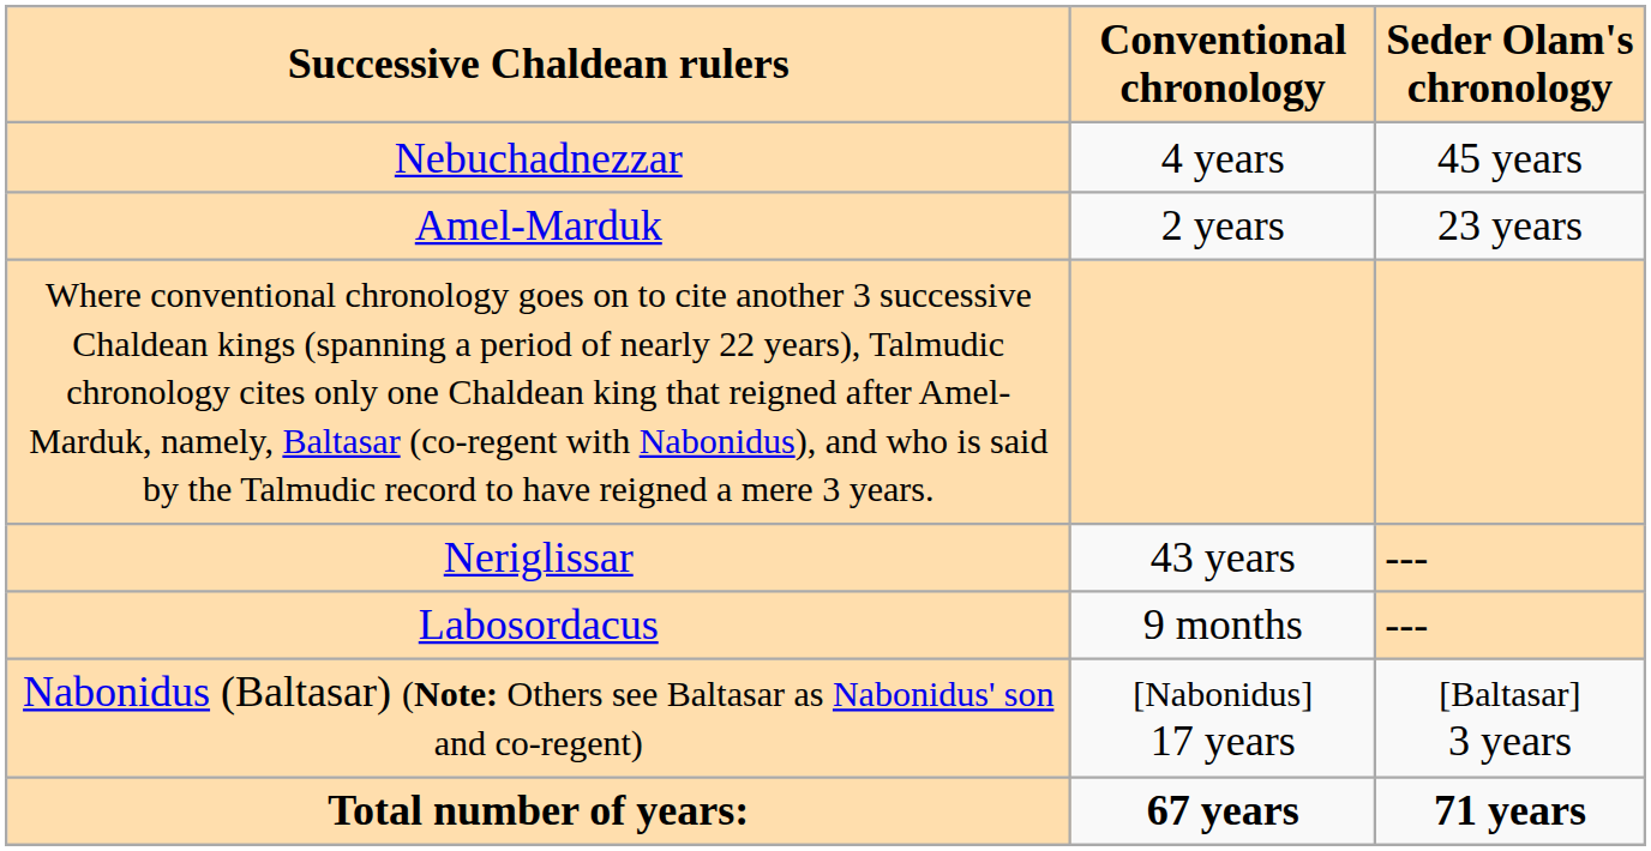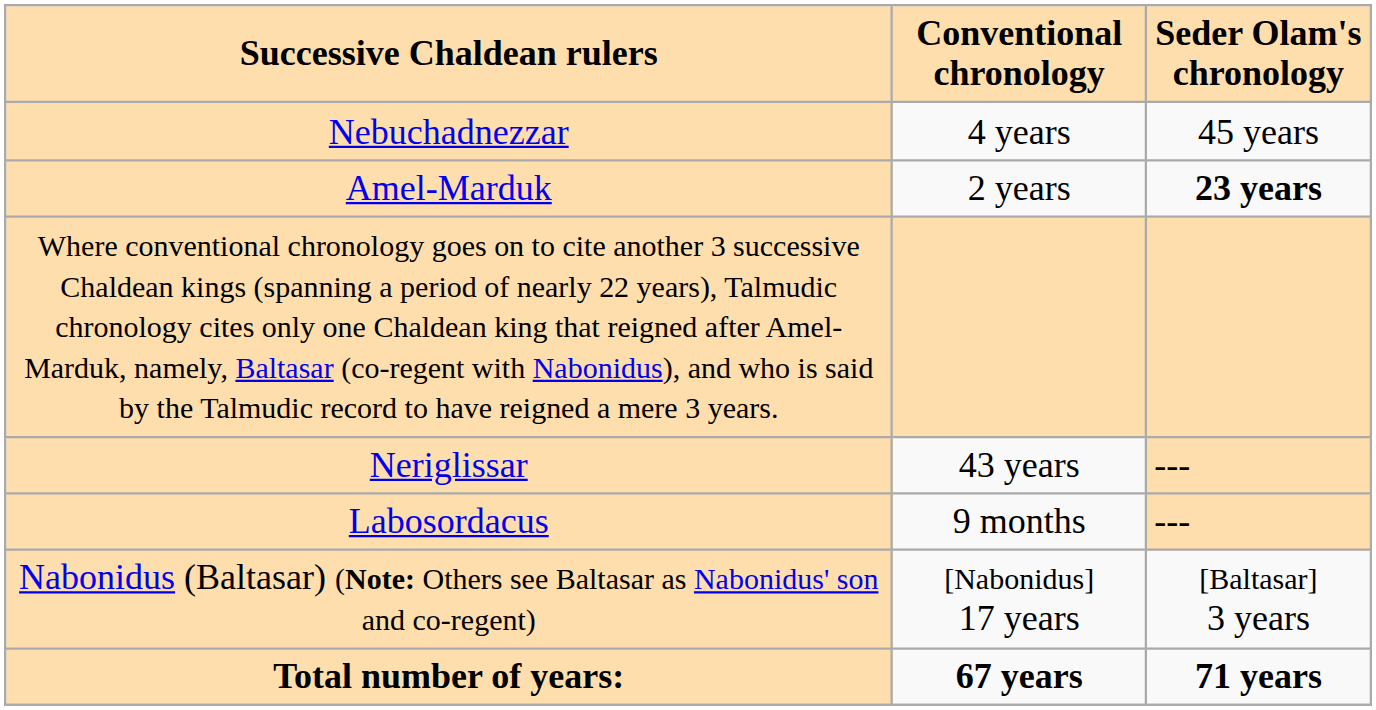 <table class="wikitable">
 <tr>
 <th style="background:Navajowhite; text-align:center;">Successive Chaldean rulers</th>
 <th style="background:Navajowhite;">Conventional chronology</th>
 <th style="background:Navajowhite;">Seder Olam's chronology</th>
 </tr>
 <tr>
 <td style="background:Navajowhite; text-align:center;"><a href='#'>Nebuchadnezzar</a></td>
 <td style=text-align:center;>4 years</td>
 <td style=text-align:center;>45 years</td>
 </tr>
 <tr>
 <td style="background:Navajowhite; text-align:center;"><a href='#'>Amel-Marduk</a></td>
 <td style=text-align:center;>2 years</td>
-<td style=text-align:center;>23 years</td>
+<td style=text-align:center;><strong>23 years</strong></td>
 </tr>
 <tr>
 <td style="background:Navajowhite; text-align:center;"><small>Where conventional chronology goes on to cite another 3 successive Chaldean kings (spanning a period of nearly 22 years), Talmudic chronology cites only one Chaldean king that reigned after Amel-Marduk, namely, <a href='#'>Baltasar</a> (co-regent with <a href='#'>Nabonidus</a>), and who is said by the Talmudic record to have reigned a mere 3 years.</small></td>
 <td style="background:Navajowhite;"></td>
 <td style="background:Navajowhite;"></td>
 </tr>
 <tr>
 <td style="background:Navajowhite; text-align:center;"><a href='#'>Neriglissar</a></td>
 <td style=text-align:center;>43 years</td>
 <td style="background:Navajowhite; style=text-align:center;">---</td>
 </tr>
 <tr>
 <td style="background:Navajowhite; text-align:center;"><a href='#'>Labosordacus</a></td>
 <td style=text-align:center;>9 months</td>
 <td style="background:Navajowhite; style=text-align:center;">---</td>
 </tr>
 <tr>
 <td style="background:Navajowhite; text-align:center;"><a href='#'>Nabonidus</a> (Baltasar) <small>(<strong>Note:</strong> Others see Baltasar as <a href='#'>Nabonidus' son</a> and co-regent)</small></td>
 <td style=text-align:center;><small>[Nabonidus]</small><br>17 years</td>
 <td style=text-align:center;><small>[Baltasar]</small><br>3 years</td>
 </tr>
 <tr>
 <td style="background:Navajowhite; text-align:center;"><strong>Total number of years:</strong></td>
 <td style=text-align:center;><strong>67 years</strong></td>
 <td style=text-align:center;><strong>71 years</strong></td>
 </tr>
 <tr>
 </tr>
 </table>
